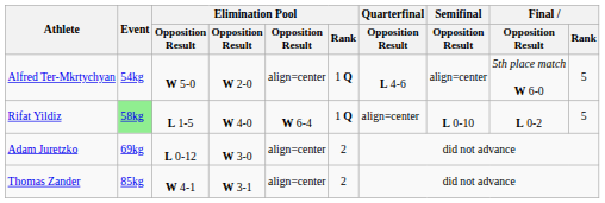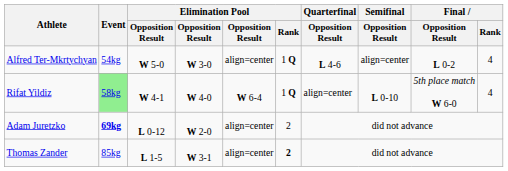 <table class="wikitable" style="font-size:90%">
 <tr>
 <th rowspan="2">Athlete</th>
 <th rowspan="2">Event</th>
 <th colspan=4>Elimination Pool</th>
 <th>Quarterfinal</th>
 <th>Semifinal</th>
 <th colspan=2>Final / </th>
 </tr>
 <tr style="font-size: 95%">
 <th>Opposition<br>Result</th>
 <th>Opposition<br>Result</th>
 <th>Opposition<br>Result</th>
 <th>Rank</th>
 <th>Opposition<br>Result</th>
 <th>Opposition<br>Result</th>
 <th>Opposition<br>Result</th>
 <th>Rank</th>
 </tr>
 <tr>
 <td align=left><a href='#'>Alfred Ter-Mkrtychyan</a></td>
 <td align=left><a href='#'>54kg</a></td>
 <td align=center><br><strong>W</strong> 5-0</td>
-<td align=center><br><strong>W</strong> 2-0</td>
+<td align=center><br><strong>W</strong> 3-0</td>
 <td>align=center </td>
 <td align=center>1 <strong>Q</strong></td>
 <td align=center><br><strong>L</strong> 4-6</td>
 <td>align=center </td>
-<td align=center><em>5th place match</em><br><br><strong>W</strong> 6-0</td>
-<td align=center>5</td>
+<td align=center><br><strong>L</strong> 0-2</td>
+<td align=center>4</td>
 </tr>
 <tr>
 <td align=left><a href='#'>Rifat Yildiz</a></td>
 <td align=left style="background: lightgreen;"><a href='#'>58kg</a></td>
-<td align=center><br><strong>L</strong> 1-5</td>
+<td align=center><br><strong>W</strong> 4-1</td>
 <td align=center><br><strong>W</strong> 4-0</td>
 <td align=center><br><strong>W</strong> 6-4</td>
 <td align=center>1 <strong>Q</strong></td>
 <td>align=center </td>
 <td align=center><br><strong>L</strong> 0-10</td>
-<td align=center><br><strong>L</strong> 0-2</td>
-<td align=center>5</td>
+<td align=center><em>5th place match</em><br><br><strong>W</strong> 6-0</td>
+<td align=center>4</td>
 </tr>
 <tr>
 <td align=left><a href='#'>Adam Juretzko</a></td>
-<td align=left><a href='#'>69kg</a></td>
+<td align=left><strong><a href='#'>69kg</a></strong></td>
 <td align=center><br><strong>L</strong> 0-12</td>
-<td align=center><br><strong>W</strong> 3-0</td>
+<td align=center><br><strong>W</strong> 2-0</td>
 <td>align=center </td>
 <td align=center>2</td>
 <td align=center colspan=4>did not advance</td>
 </tr>
 <tr>
 <td align=left><a href='#'>Thomas Zander</a></td>
 <td align=left><a href='#'>85kg</a></td>
-<td align=center><br><strong>W</strong> 4-1</td>
+<td align=center><br><strong>L</strong> 1-5</td>
 <td align=center><br><strong>W</strong> 3-1</td>
 <td>align=center </td>
-<td align=center>2</td>
+<td align=center><strong>2</strong></td>
 <td align=center colspan=4>did not advance</td>
 </tr>
 </table>
